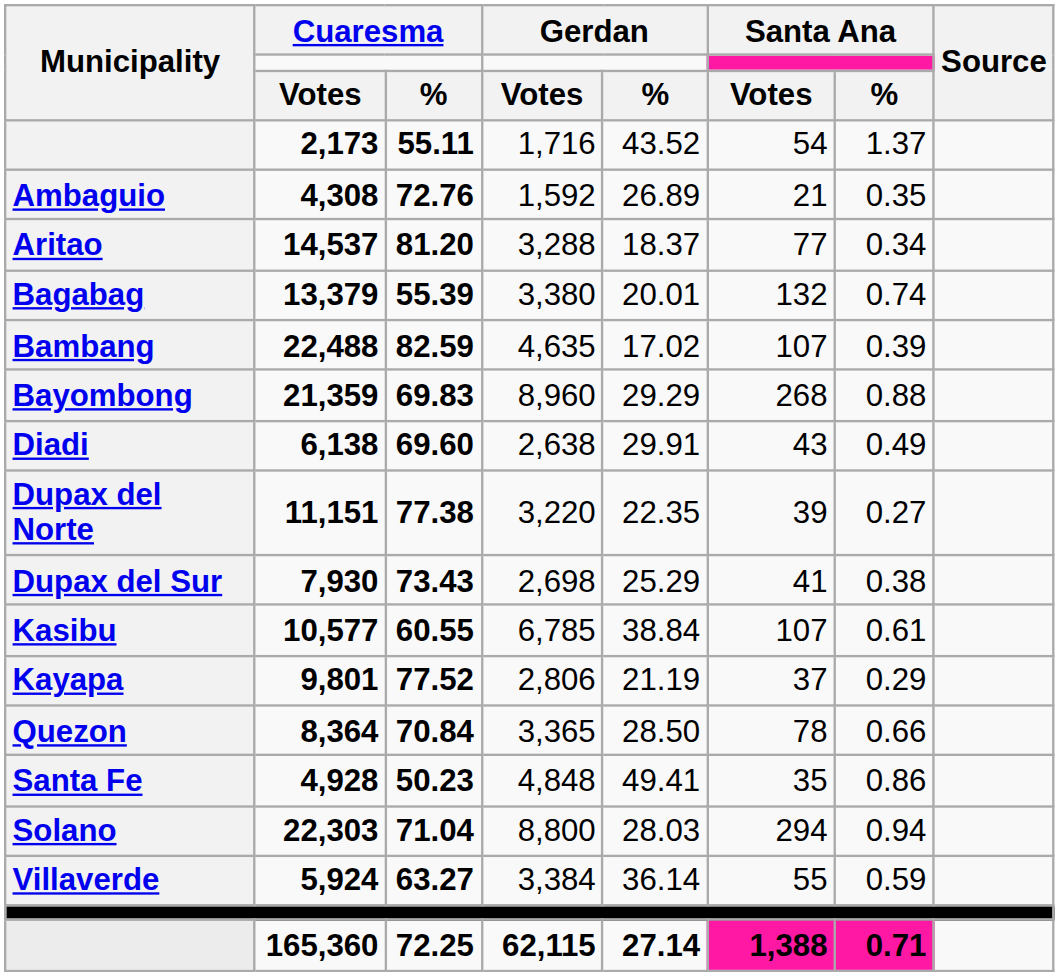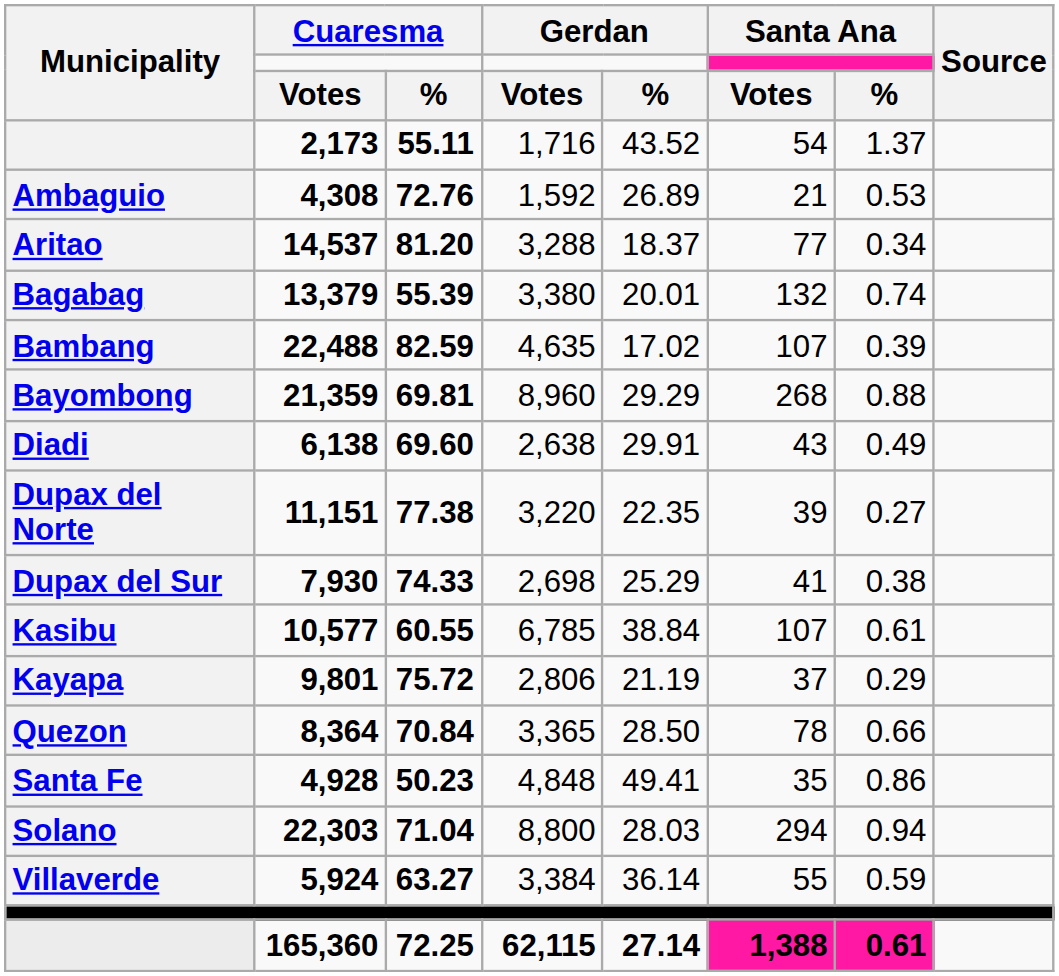 <table class="wikitable" style="text-align:right; font-size:83%">
 <tr>
 <th rowspan="3" style="width:100px;">Municipality</th>
 <th colspan="2" style="width:90px;"><a href='#'>Cuaresma</a></th>
 <th colspan="2" style="width:90px;">Gerdan</th>
 <th colspan="2" style="width:90px;">Santa Ana</th>
 <th rowspan="3">Source</th>
 </tr>
 <tr>
 <td colspan="2" style="background:"></td>
 <td colspan="2" style="background:"></td>
 <td colspan="2" style="background-color:#FE18A3;"></td>
 </tr>
 <tr>
 <th>Votes</th>
 <th>%</th>
 <th>Votes</th>
 <th>%</th>
 <th>Votes</th>
 <th>%</th>
 </tr>
 <tr>
 <th style="text-align:left;"></th>
 <td style="background:"><strong>2,173</strong></td>
 <td style="background:"><strong>55.11</strong></td>
 <td>1,716</td>
 <td>43.52</td>
 <td>54</td>
 <td>1.37</td>
 <td style="text-align:center;"></td>
 </tr>
 <tr>
 <th style="text-align:left;"><a href='#'>Ambaguio</a></th>
 <td style="background:"><strong>4,308</strong></td>
 <td style="background:"><strong>72.76</strong></td>
 <td>1,592</td>
 <td>26.89</td>
 <td>21</td>
-<td>0.35</td>
+<td>0.53</td>
 <td style="text-align:center;"></td>
 </tr>
 <tr>
 <th style="text-align:left;"><a href='#'>Aritao</a></th>
 <td style="background:"><strong>14,537</strong></td>
 <td style="background:"><strong>81.20</strong></td>
 <td>3,288</td>
 <td>18.37</td>
 <td>77</td>
 <td>0.34</td>
 <td style="text-align:center;"></td>
 </tr>
 <tr>
 <th style="text-align:left;"><a href='#'>Bagabag</a></th>
 <td style="background:"><strong>13,379</strong></td>
 <td style="background:"><strong>55.39</strong></td>
 <td>3,380</td>
 <td>20.01</td>
 <td>132</td>
 <td>0.74</td>
 <td style="text-align:center;"></td>
 </tr>
 <tr>
 <th style="text-align:left;"><a href='#'>Bambang</a></th>
 <td style="background:"><strong>22,488</strong></td>
 <td style="background:"><strong>82.59</strong></td>
 <td>4,635</td>
 <td>17.02</td>
 <td>107</td>
 <td>0.39</td>
 <td style="text-align:center;"></td>
 </tr>
 <tr>
 <th style="text-align:left;"><a href='#'>Bayombong</a></th>
 <td style="background:"><strong>21,359</strong></td>
-<td style="background:"><strong>69.83</strong></td>
+<td style="background:"><strong>69.81</strong></td>
 <td>8,960</td>
 <td>29.29</td>
 <td>268</td>
 <td>0.88</td>
 <td style="text-align:center;"></td>
 </tr>
 <tr>
 <th style="text-align:left;"><a href='#'>Diadi</a></th>
 <td style="background:"><strong>6,138</strong></td>
 <td style="background:"><strong>69.60</strong></td>
 <td>2,638</td>
 <td>29.91</td>
 <td>43</td>
 <td>0.49</td>
 <td style="text-align:center;"></td>
 </tr>
 <tr>
 <th style="text-align:left;"><a href='#'>Dupax del Norte</a></th>
 <td style="background:"><strong>11,151</strong></td>
 <td style="background:"><strong>77.38</strong></td>
 <td>3,220</td>
 <td>22.35</td>
 <td>39</td>
 <td>0.27</td>
 <td style="text-align:center;"></td>
 </tr>
 <tr>
 <th style="text-align:left;"><a href='#'>Dupax del Sur</a></th>
 <td style="background:"><strong>7,930</strong></td>
-<td style="background:"><strong>73.43</strong></td>
+<td style="background:"><strong>74.33</strong></td>
 <td>2,698</td>
 <td>25.29</td>
 <td>41</td>
 <td>0.38</td>
 <td style="text-align:center;"></td>
 </tr>
 <tr>
 <th style="text-align:left;"><a href='#'>Kasibu</a></th>
 <td style="background:"><strong>10,577</strong></td>
 <td style="background:"><strong>60.55</strong></td>
 <td>6,785</td>
 <td>38.84</td>
 <td>107</td>
 <td>0.61</td>
 <td style="text-align:center;"></td>
 </tr>
 <tr>
 <th style="text-align:left;"><a href='#'>Kayapa</a></th>
 <td style="background:"><strong>9,801</strong></td>
-<td style="background:"><strong>77.52</strong></td>
+<td style="background:"><strong>75.72</strong></td>
 <td>2,806</td>
 <td>21.19</td>
 <td>37</td>
 <td>0.29</td>
 <td style="text-align:center;"></td>
 </tr>
 <tr>
 <th style="text-align:left;"><a href='#'>Quezon</a></th>
 <td style="background:"><strong>8,364</strong></td>
 <td style="background:"><strong>70.84</strong></td>
 <td>3,365</td>
 <td>28.50</td>
 <td>78</td>
 <td>0.66</td>
 <td style="text-align:center;"></td>
 </tr>
 <tr>
 <th style="text-align:left;"><a href='#'>Santa Fe</a></th>
 <td style="background:"><strong>4,928</strong></td>
 <td style="background:"><strong>50.23</strong></td>
 <td>4,848</td>
 <td>49.41</td>
 <td>35</td>
 <td>0.86</td>
 <td style="text-align:center;"></td>
 </tr>
 <tr>
 <th style="text-align:left;"><a href='#'>Solano</a></th>
 <td style="background:"><strong>22,303</strong></td>
 <td style="background:"><strong>71.04</strong></td>
 <td>8,800</td>
 <td>28.03</td>
 <td>294</td>
 <td>0.94</td>
 <td style="text-align:center;"></td>
 </tr>
 <tr>
 <th style="text-align:left;"><a href='#'>Villaverde</a></th>
 <td style="background:"><strong>5,924</strong></td>
 <td style="background:"><strong>63.27</strong></td>
 <td>3,384</td>
 <td>36.14</td>
 <td>55</td>
 <td>0.59</td>
 <td style="text-align:center;"></td>
 </tr>
 <tr>
 <td colspan="8" style="background-color:#000000;"></td>
 </tr>
 <tr>
 <td style="background-color:#ECECEC;"><strong></strong></td>
 <td style="background:"><strong>165,360</strong></td>
 <td style="background:"><strong>72.25</strong></td>
 <td style="background:"><strong>62,115</strong></td>
 <td style="background:"><strong>27.14</strong></td>
 <td style="background-color:#FE18A3;"><strong>1,388</strong></td>
-<td style="background-color:#FE18A3;"><strong>0.71</strong></td>
+<td style="background-color:#FE18A3;"><strong>0.61</strong></td>
 <td style="text-align:center;"></td>
 </tr>
 </table>
